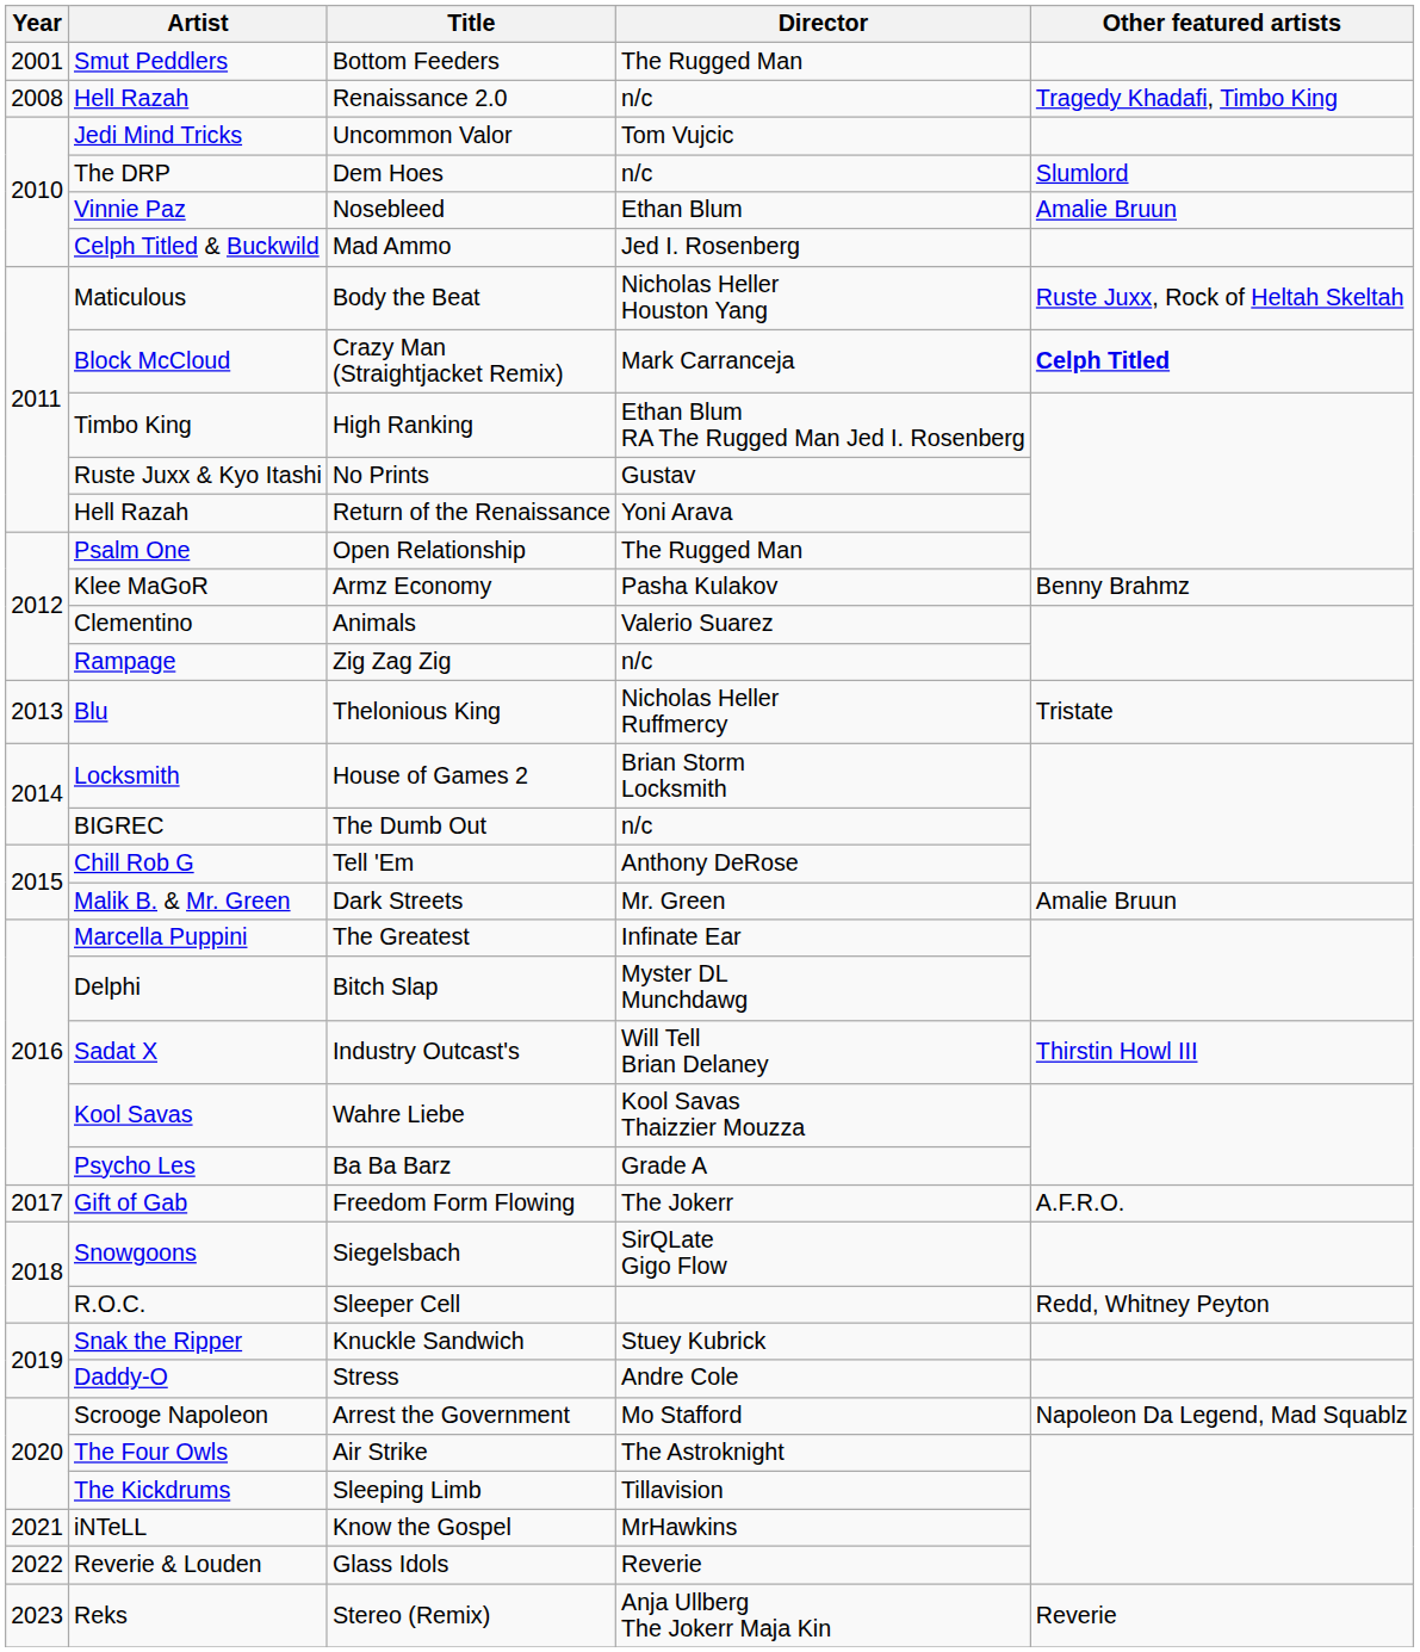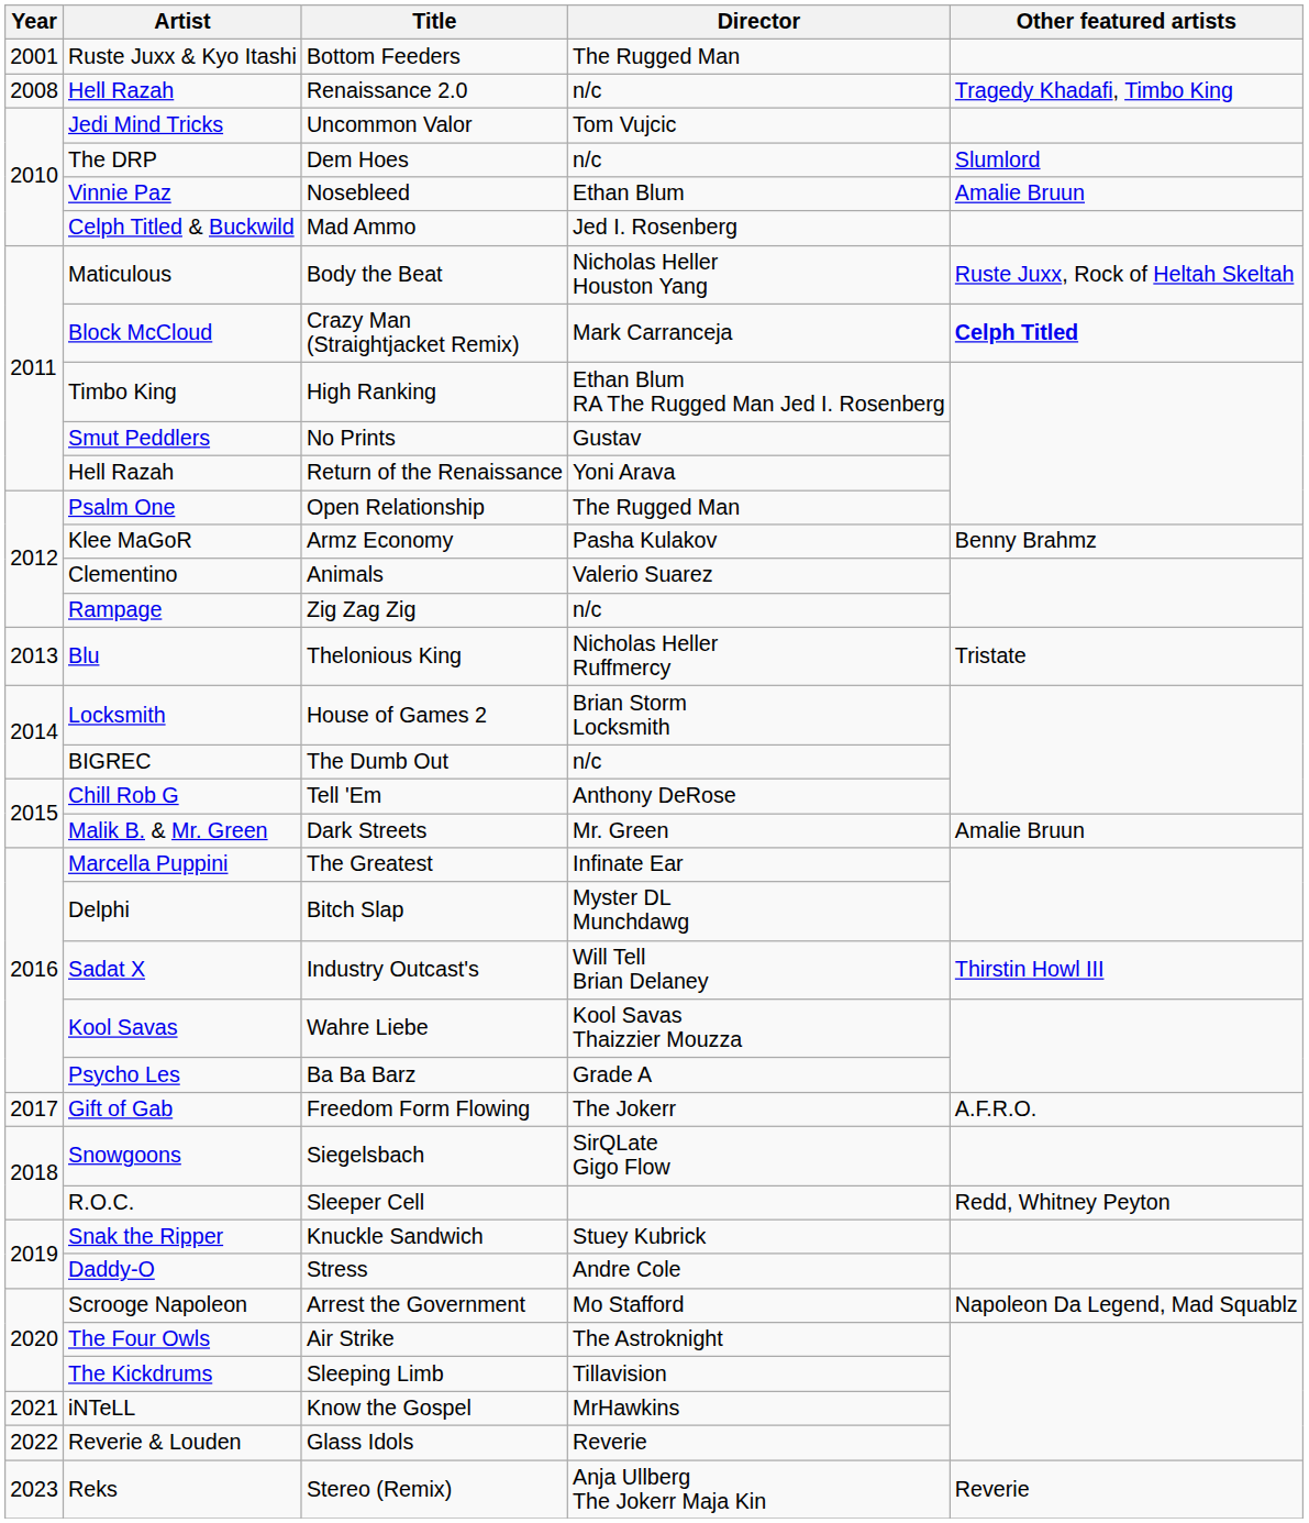 <table class="wikitable">
 <tr>
 <th>Year</th>
 <th>Artist</th>
 <th>Title</th>
 <th>Director</th>
 <th>Other featured artists</th>
 </tr>
 <tr>
 <td>2001</td>
-<td><a href='#'>Smut Peddlers</a></td>
+<td>Ruste Juxx & Kyo Itashi</td>
 <td>Bottom Feeders</td>
 <td>The Rugged Man</td>
 <td></td>
 </tr>
 <tr>
 <td>2008</td>
 <td><a href='#'>Hell Razah</a></td>
 <td>Renaissance 2.0</td>
 <td>n/c</td>
 <td><a href='#'>Tragedy Khadafi</a>, <a href='#'>Timbo King</a></td>
 </tr>
 <tr>
 <td rowspan="4">2010</td>
 <td><a href='#'>Jedi Mind Tricks</a></td>
 <td>Uncommon Valor</td>
 <td>Tom Vujcic</td>
 <td></td>
 </tr>
 <tr>
 <td>The DRP</td>
 <td>Dem Hoes</td>
 <td>n/c</td>
 <td><a href='#'>Slumlord</a></td>
 </tr>
 <tr>
 <td><a href='#'>Vinnie Paz</a></td>
 <td>Nosebleed</td>
 <td>Ethan Blum</td>
 <td><a href='#'>Amalie Bruun</a></td>
 </tr>
 <tr>
 <td><a href='#'>Celph Titled</a> & <a href='#'>Buckwild</a></td>
 <td>Mad Ammo</td>
 <td>Jed I. Rosenberg</td>
 <td></td>
 </tr>
 <tr>
 <td rowspan="5">2011</td>
 <td>Maticulous</td>
 <td>Body the Beat</td>
 <td>Nicholas Heller<br>Houston Yang</td>
 <td><a href='#'>Ruste Juxx</a>, Rock of <a href='#'>Heltah Skeltah</a></td>
 </tr>
 <tr>
 <td><a href='#'>Block McCloud</a></td>
 <td>Crazy Man<br>(Straightjacket Remix)</td>
 <td>Mark Carranceja</td>
 <td><strong><a href='#'>Celph Titled</a></strong></td>
 </tr>
 <tr>
 <td>Timbo King</td>
 <td>High Ranking</td>
 <td>Ethan Blum<br>RA The Rugged Man Jed I. Rosenberg</td>
 <td rowspan="4"></td>
 </tr>
 <tr>
-<td>Ruste Juxx & Kyo Itashi</td>
+<td><a href='#'>Smut Peddlers</a></td>
 <td>No Prints</td>
 <td>Gustav</td>
 </tr>
 <tr>
 <td>Hell Razah</td>
 <td>Return of the Renaissance</td>
 <td>Yoni Arava</td>
 </tr>
 <tr>
 <td rowspan="4">2012</td>
 <td><a href='#'>Psalm One</a></td>
 <td>Open Relationship</td>
 <td>The Rugged Man</td>
 </tr>
 <tr>
 <td>Klee MaGoR</td>
 <td>Armz Economy</td>
 <td>Pasha Kulakov</td>
 <td>Benny Brahmz</td>
 </tr>
 <tr>
 <td>Clementino</td>
 <td>Animals</td>
 <td>Valerio Suarez</td>
 <td rowspan="2"></td>
 </tr>
 <tr>
 <td><a href='#'>Rampage</a></td>
 <td>Zig Zag Zig</td>
 <td>n/c</td>
 </tr>
 <tr>
 <td>2013</td>
 <td><a href='#'>Blu</a></td>
 <td>Thelonious King</td>
 <td>Nicholas Heller<br>Ruffmercy</td>
 <td>Tristate</td>
 </tr>
 <tr>
 <td rowspan="2">2014</td>
 <td><a href='#'>Locksmith</a></td>
 <td>House of Games 2</td>
 <td>Brian Storm<br>Locksmith</td>
 <td rowspan="3"></td>
 </tr>
 <tr>
 <td>BIGREC</td>
 <td>The Dumb Out</td>
 <td>n/c</td>
 </tr>
 <tr>
 <td rowspan="2">2015</td>
 <td><a href='#'>Chill Rob G</a></td>
 <td>Tell 'Em</td>
 <td>Anthony DeRose</td>
 </tr>
 <tr>
 <td><a href='#'>Malik B.</a> & <a href='#'>Mr. Green</a></td>
 <td>Dark Streets</td>
 <td>Mr. Green</td>
 <td>Amalie Bruun</td>
 </tr>
 <tr>
 <td rowspan="5">2016</td>
 <td><a href='#'>Marcella Puppini</a></td>
 <td>The Greatest</td>
 <td>Infinate Ear</td>
 <td rowspan="2"></td>
 </tr>
 <tr>
 <td>Delphi</td>
 <td>Bitch Slap</td>
 <td>Myster DL<br>Munchdawg</td>
 </tr>
 <tr>
 <td><a href='#'>Sadat X</a></td>
 <td>Industry Outcast's</td>
 <td>Will Tell<br>Brian Delaney</td>
 <td><a href='#'>Thirstin Howl III</a></td>
 </tr>
 <tr>
 <td><a href='#'>Kool Savas</a></td>
 <td>Wahre Liebe</td>
 <td>Kool Savas<br>Thaizzier Mouzza</td>
 <td rowspan="2"></td>
 </tr>
 <tr>
 <td><a href='#'>Psycho Les</a></td>
 <td>Ba Ba Barz</td>
 <td>Grade A</td>
 </tr>
 <tr>
 <td>2017</td>
 <td><a href='#'>Gift of Gab</a></td>
 <td>Freedom Form Flowing</td>
 <td>The Jokerr</td>
 <td>A.F.R.O.</td>
 </tr>
 <tr>
 <td rowspan="2">2018</td>
 <td><a href='#'>Snowgoons</a></td>
 <td>Siegelsbach</td>
 <td>SirQLate<br>Gigo Flow</td>
 <td></td>
 </tr>
 <tr>
 <td>R.O.C.</td>
 <td>Sleeper Cell</td>
 <td></td>
 <td>Redd, Whitney Peyton</td>
 </tr>
 <tr>
 <td rowspan="2">2019</td>
 <td><a href='#'>Snak the Ripper</a></td>
 <td>Knuckle Sandwich</td>
 <td>Stuey Kubrick</td>
 <td></td>
 </tr>
 <tr>
 <td><a href='#'>Daddy-O</a></td>
 <td>Stress</td>
 <td>Andre Cole</td>
 <td></td>
 </tr>
 <tr>
 <td rowspan="3">2020</td>
 <td>Scrooge Napoleon</td>
 <td>Arrest the Government</td>
 <td>Mo Stafford</td>
 <td>Napoleon Da Legend, Mad Squablz</td>
 </tr>
 <tr>
 <td><a href='#'>The Four Owls</a></td>
 <td>Air Strike</td>
 <td>The Astroknight</td>
 <td rowspan="4"></td>
 </tr>
 <tr>
 <td><a href='#'>The Kickdrums</a></td>
 <td>Sleeping Limb</td>
 <td>Tillavision</td>
 </tr>
 <tr>
 <td>2021</td>
 <td>iNTeLL</td>
 <td>Know the Gospel</td>
 <td>MrHawkins</td>
 </tr>
 <tr>
 <td>2022</td>
 <td>Reverie & Louden</td>
 <td>Glass Idols</td>
 <td>Reverie</td>
 </tr>
 <tr>
 <td>2023</td>
 <td>Reks</td>
 <td>Stereo (Remix)</td>
 <td>Anja Ullberg<br>The Jokerr Maja Kin</td>
 <td>Reverie</td>
 </tr>
 </table>
